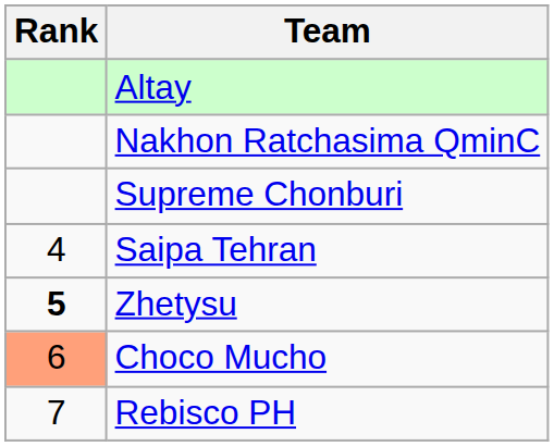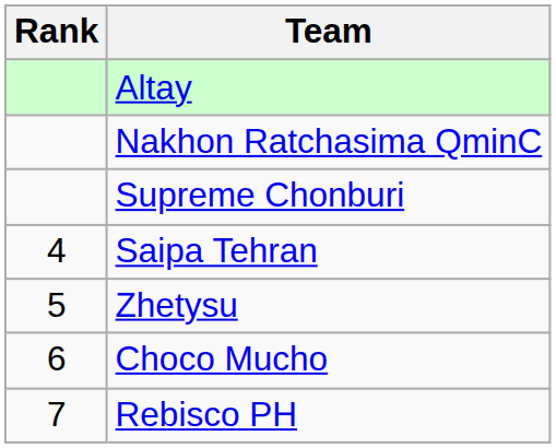 <table class="wikitable" style="text-align:center;">
 <tr>
 <th width=40>Rank</th>
 <th>Team</th>
 </tr>
 <tr bgcolor=#ccffcc>
 <td></td>
 <td style="text-align:left;"> <a href='#'>Altay</a></td>
 </tr>
 <tr>
 <td></td>
 <td style="text-align:left;"> <a href='#'>Nakhon Ratchasima QminC</a></td>
 </tr>
 <tr>
 <td></td>
 <td style="text-align:left;"> <a href='#'>Supreme Chonburi</a></td>
 </tr>
 <tr>
 <td>4</td>
 <td style="text-align:left;"> <a href='#'>Saipa Tehran</a></td>
 </tr>
 <tr>
-<td><strong>5</strong></td>
+<td>5</td>
 <td style="text-align:left;"> <a href='#'>Zhetysu</a></td>
 </tr>
 <tr>
-<td style="background: lightsalmon;">6</td>
+<td>6</td>
 <td style="text-align:left;"> <a href='#'>Choco Mucho</a></td>
 </tr>
 <tr>
 <td>7</td>
 <td style="text-align:left;"> <a href='#'>Rebisco PH</a></td>
 </tr>
 </table>
